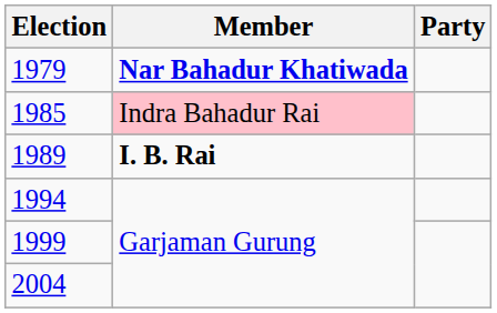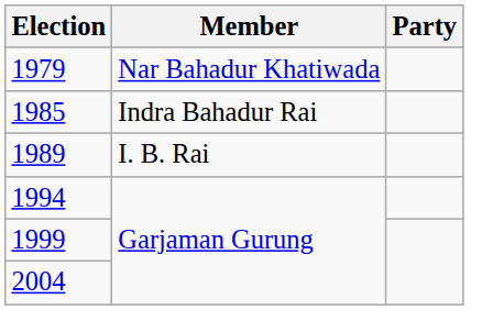 <table class="wikitable sortable">
 <tr>
 <th>Election</th>
 <th>Member</th>
 <th colspan=2>Party</th>
 </tr>
 <tr>
 <td><a href='#'>1979</a></td>
-<td><strong><a href='#'>Nar Bahadur Khatiwada</a></strong></td>
+<td><a href='#'>Nar Bahadur Khatiwada</a></td>
 <td></td>
 </tr>
 <tr>
 <td><a href='#'>1985</a></td>
-<td style="background: pink;">Indra Bahadur Rai</td>
+<td>Indra Bahadur Rai</td>
 <td></td>
 </tr>
 <tr>
 <td><a href='#'>1989</a></td>
-<td><strong>I. B. Rai</strong></td>
+<td>I. B. Rai</td>
 </tr>
 <tr>
 <td><a href='#'>1994</a></td>
 <td rowspan=3><a href='#'>Garjaman Gurung</a></td>
 <td></td>
 </tr>
 <tr>
 <td><a href='#'>1999</a></td>
 </tr>
 <tr>
 <td><a href='#'>2004</a></td>
 </tr>
 </table>
